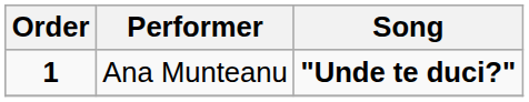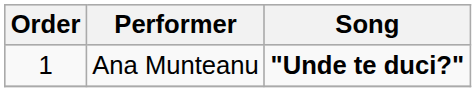 <table class="wikitable" style="text-align:center">
 <tr>
 <th>Order</th>
 <th>Performer</th>
 <th>Song</th>
 </tr>
 <tr>
-<td><strong>1</strong></td>
+<td>1</td>
 <td>Ana Munteanu</td>
 <td><strong>"Unde te duci?"</strong></td>
 </tr>
 <tr>
 </tr>
 </table>
